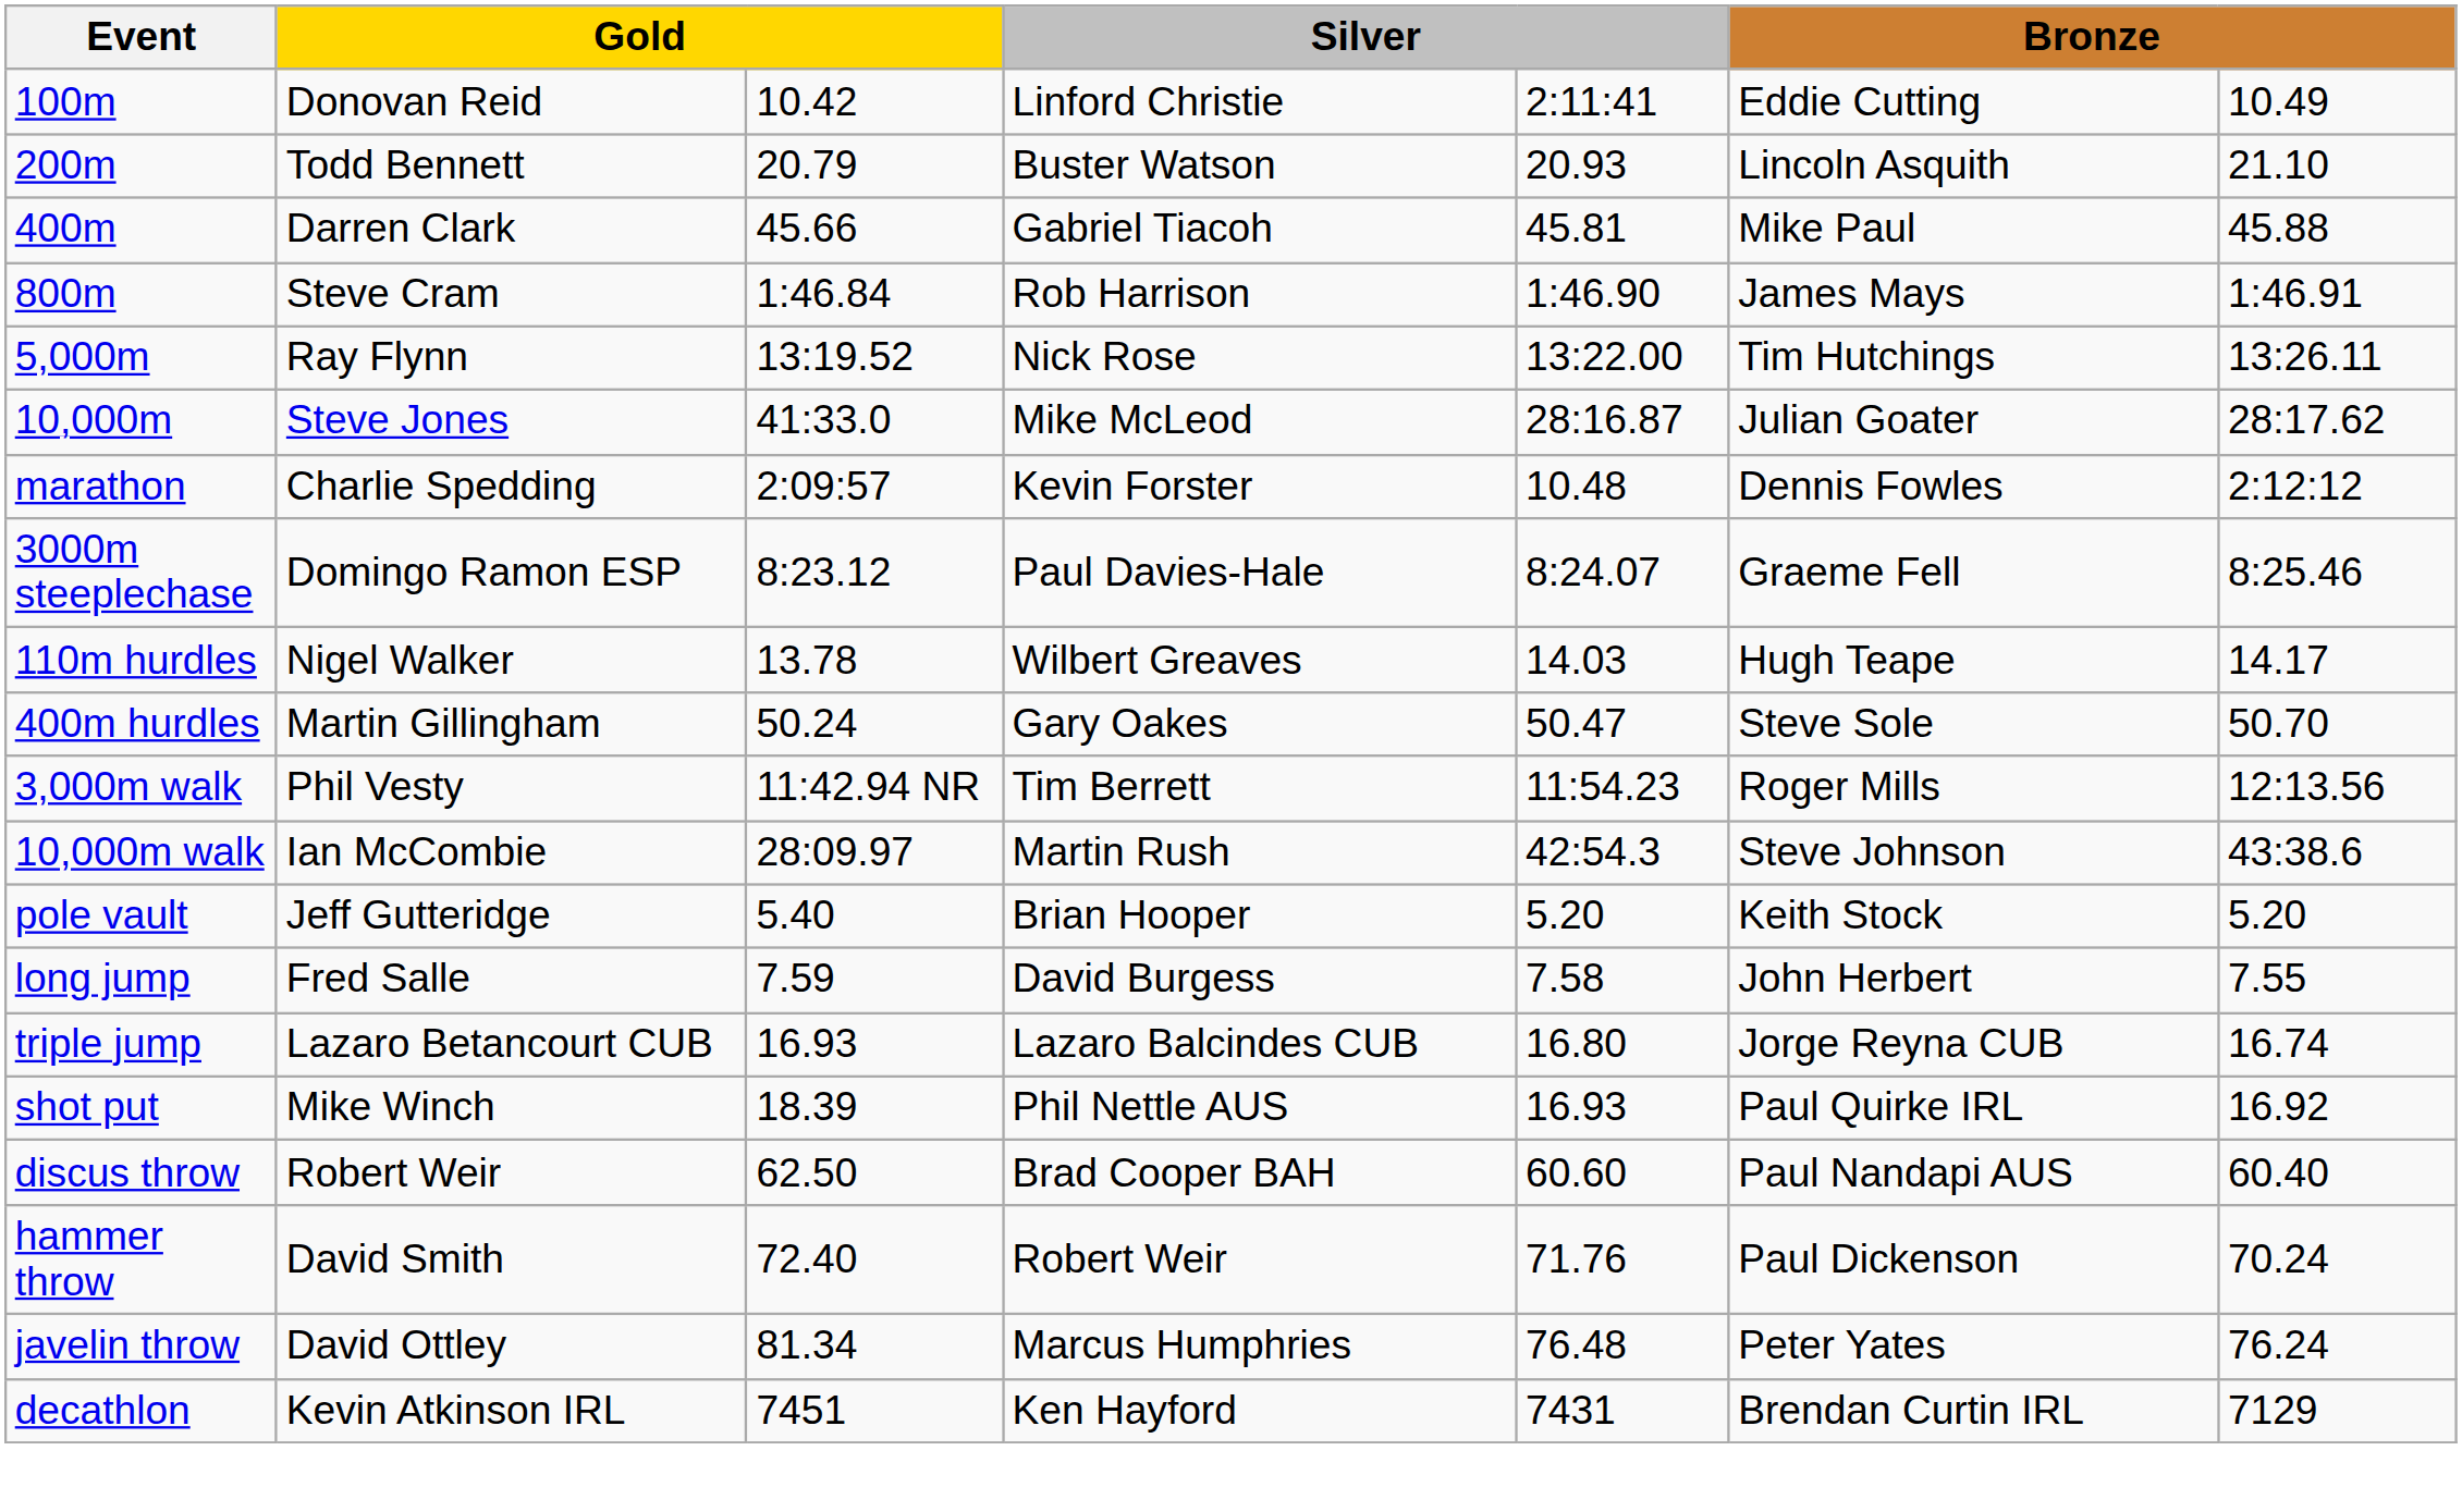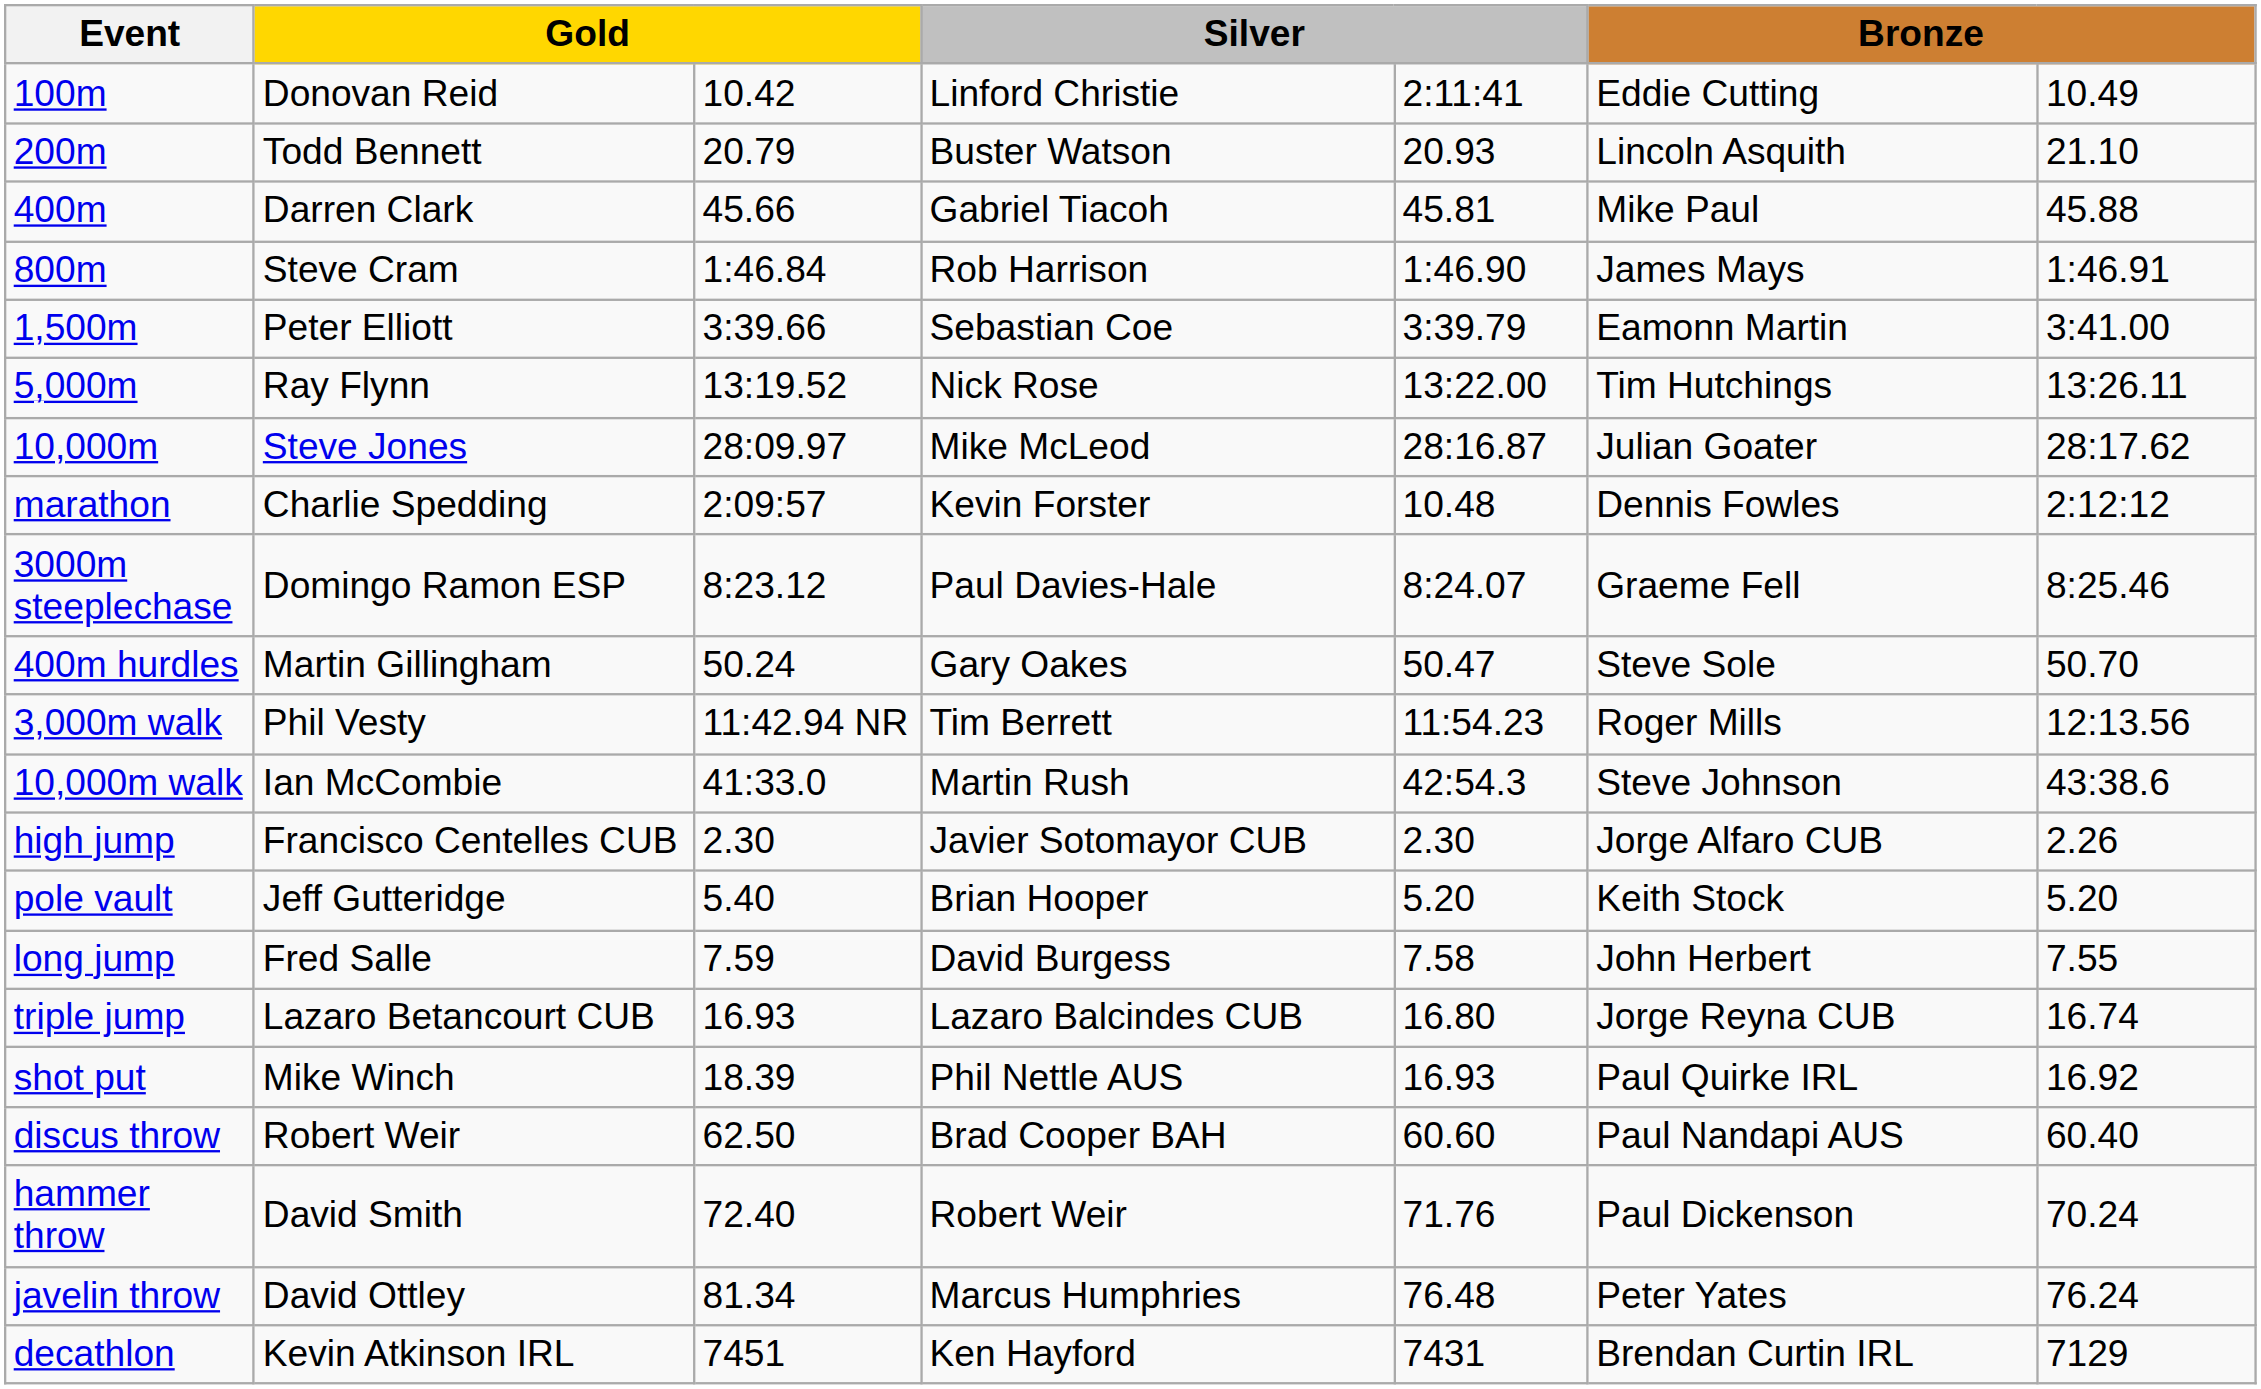 <table class="wikitable" style="text-align:left">
 <tr>
 <th width=100>Event</th>
 <th colspan="2" width="280" style="background:gold;">Gold</th>
 <th colspan="2" width="280" style="background:silver;">Silver</th>
 <th colspan="2" width="280" style="background:#CD7F32;">Bronze</th>
 </tr>
 <tr>
 <td><a href='#'>100m</a></td>
 <td>Donovan Reid</td>
 <td>10.42</td>
 <td>Linford Christie</td>
 <td>2:11:41</td>
 <td>Eddie Cutting</td>
 <td>10.49</td>
 </tr>
 <tr>
 <td><a href='#'>200m</a></td>
 <td>Todd Bennett</td>
 <td>20.79</td>
 <td>Buster Watson</td>
 <td>20.93</td>
 <td>Lincoln Asquith</td>
 <td>21.10</td>
 </tr>
 <tr>
 <td><a href='#'>400m</a></td>
 <td> Darren Clark</td>
 <td>45.66</td>
 <td> Gabriel Tiacoh</td>
 <td>45.81</td>
 <td> Mike Paul</td>
 <td>45.88</td>
 </tr>
 <tr>
 <td><a href='#'>800m</a></td>
 <td>Steve Cram</td>
 <td>1:46.84</td>
 <td>Rob Harrison</td>
 <td>1:46.90</td>
 <td> James Mays</td>
 <td>1:46.91</td>
 </tr>
 <tr>
+<td><a href='#'>1,500m</a></td>
+<td>Peter Elliott</td>
+<td>3:39.66</td>
+<td>Sebastian Coe</td>
+<td>3:39.79</td>
+<td>Eamonn Martin</td>
+<td>3:41.00</td>
+</tr>
+<tr>
 <td><a href='#'>5,000m</a></td>
 <td> Ray Flynn</td>
 <td>13:19.52</td>
 <td>Nick Rose</td>
 <td>13:22.00</td>
 <td>Tim Hutchings</td>
 <td>13:26.11</td>
 </tr>
 <tr>
 <td><a href='#'>10,000m</a></td>
 <td> <a href='#'>Steve Jones</a></td>
-<td>41:33.0</td>
+<td>28:09.97</td>
 <td>Mike McLeod</td>
 <td>28:16.87</td>
 <td>Julian Goater</td>
 <td>28:17.62</td>
 </tr>
 <tr>
 <td><a href='#'>marathon</a></td>
 <td>Charlie Spedding</td>
 <td>2:09:57</td>
 <td>Kevin Forster</td>
 <td>10.48</td>
 <td>Dennis Fowles</td>
 <td>2:12:12</td>
 </tr>
 <tr>
 <td><a href='#'>3000m steeplechase</a></td>
 <td>Domingo Ramon ESP</td>
 <td>8:23.12</td>
 <td>Paul Davies-Hale</td>
 <td>8:24.07</td>
 <td>Graeme Fell</td>
 <td>8:25.46</td>
 </tr>
 <tr>
-<td><a href='#'>110m hurdles</a></td>
-<td>Nigel Walker</td>
-<td>13.78</td>
-<td>Wilbert Greaves</td>
-<td>14.03</td>
-<td>Hugh Teape</td>
-<td>14.17</td>
-</tr>
-<tr>
 <td><a href='#'>400m hurdles</a></td>
 <td>Martin Gillingham</td>
 <td>50.24</td>
 <td>Gary Oakes</td>
 <td>50.47</td>
 <td>Steve Sole</td>
 <td>50.70</td>
 </tr>
 <tr>
 <td><a href='#'>3,000m walk</a></td>
 <td>Phil Vesty</td>
 <td>11:42.94 NR</td>
 <td>Tim Berrett</td>
 <td>11:54.23</td>
 <td>Roger Mills</td>
 <td>12:13.56</td>
 </tr>
 <tr>
 <td><a href='#'>10,000m walk</a></td>
 <td>Ian McCombie</td>
-<td>28:09.97</td>
+<td>41:33.0</td>
 <td>Martin Rush</td>
 <td>42:54.3</td>
 <td>Steve Johnson</td>
 <td>43:38.6</td>
+</tr>
+<tr>
+<td><a href='#'>high jump</a></td>
+<td>Francisco Centelles CUB</td>
+<td>2.30</td>
+<td>Javier Sotomayor CUB</td>
+<td>2.30</td>
+<td>Jorge Alfaro CUB</td>
+<td>2.26</td>
 </tr>
 <tr>
 <td><a href='#'>pole vault</a></td>
 <td>Jeff Gutteridge</td>
 <td>5.40</td>
 <td>Brian Hooper</td>
 <td>5.20</td>
 <td>Keith Stock</td>
 <td>5.20</td>
 </tr>
 <tr>
 <td><a href='#'>long jump</a></td>
 <td>Fred Salle</td>
 <td>7.59</td>
 <td>David Burgess</td>
 <td>7.58</td>
 <td>John Herbert</td>
 <td>7.55</td>
 </tr>
 <tr>
 <td><a href='#'>triple jump</a></td>
 <td>Lazaro Betancourt CUB</td>
 <td>16.93</td>
 <td>Lazaro Balcindes CUB</td>
 <td>16.80</td>
 <td>Jorge Reyna CUB</td>
 <td>16.74</td>
 </tr>
 <tr>
 <td><a href='#'>shot put</a></td>
 <td>Mike Winch</td>
 <td>18.39</td>
 <td>Phil Nettle AUS</td>
 <td>16.93</td>
 <td>Paul Quirke IRL</td>
 <td>16.92</td>
 </tr>
 <tr>
 <td><a href='#'>discus throw</a></td>
 <td>Robert Weir</td>
 <td>62.50</td>
 <td>Brad Cooper BAH</td>
 <td>60.60</td>
 <td>Paul Nandapi AUS</td>
 <td>60.40</td>
 </tr>
 <tr>
 <td><a href='#'>hammer throw</a></td>
 <td>David Smith</td>
 <td>72.40</td>
 <td>Robert Weir</td>
 <td>71.76</td>
 <td>Paul Dickenson</td>
 <td>70.24</td>
 </tr>
 <tr>
 <td><a href='#'>javelin throw</a></td>
 <td>David Ottley</td>
 <td>81.34</td>
 <td>Marcus Humphries</td>
 <td>76.48</td>
 <td>Peter Yates</td>
 <td>76.24</td>
 </tr>
 <tr>
 <td><a href='#'>decathlon</a></td>
 <td>Kevin Atkinson IRL</td>
 <td>7451</td>
 <td>Ken Hayford</td>
 <td>7431</td>
 <td>Brendan Curtin IRL</td>
 <td>7129</td>
 </tr>
 </table>
